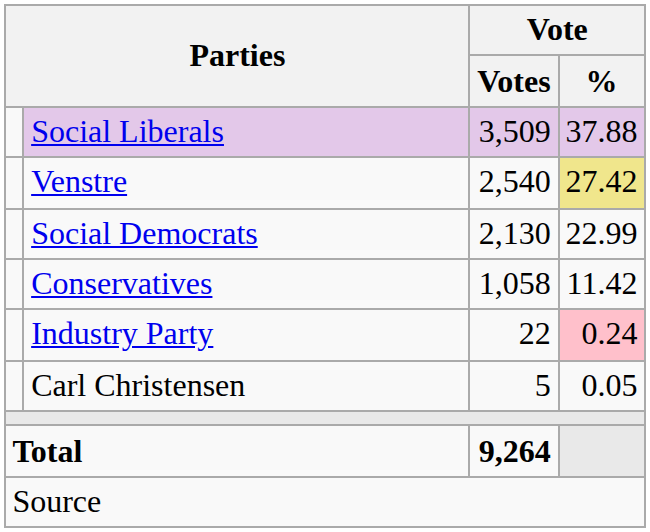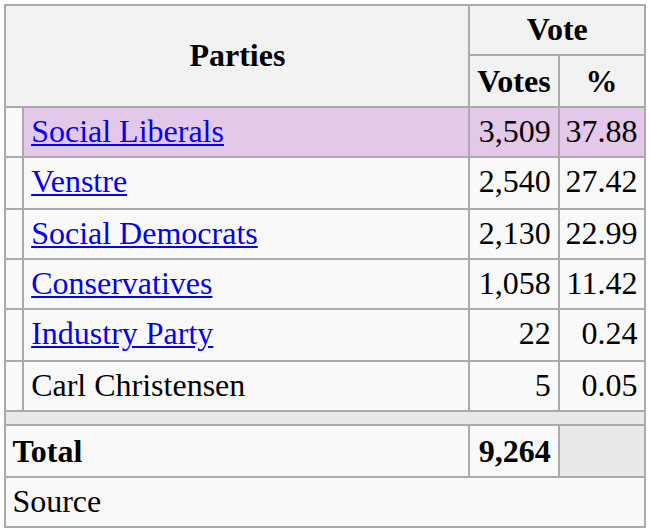 <table class="wikitable" style="text-align:right;">
 <tr>
 <th style="text-align:centre;" rowspan="2" colspan="2" width="225">Parties</th>
 <th colspan="3">Vote</th>
 </tr>
 <tr>
 <th width="15">Votes</th>
 <th width="15">%</th>
 </tr>
 <tr>
 <td width="2" style="color:inherit;background:"></td>
 <td bgcolor=#e3c8e9  align="left"><a href='#'>Social Liberals</a></td>
 <td bgcolor=#e3c8e9>3,509</td>
 <td bgcolor=#e3c8e9>37.88</td>
 </tr>
 <tr>
 <td width="2" style="color:inherit;background:"></td>
 <td align="left"><a href='#'>Venstre</a></td>
 <td>2,540</td>
-<td style="background: khaki;">27.42</td>
+<td>27.42</td>
 </tr>
 <tr>
 <td width="2" style="color:inherit;background:"></td>
 <td align="left"><a href='#'>Social Democrats</a></td>
 <td>2,130</td>
 <td>22.99</td>
 </tr>
 <tr>
 <td width="2" style="color:inherit;background:"></td>
 <td align="left"><a href='#'>Conservatives</a></td>
 <td>1,058</td>
 <td>11.42</td>
 </tr>
 <tr>
 <td width="2" style="color:inherit;background:"></td>
 <td align="left"><a href='#'>Industry Party</a></td>
 <td>22</td>
-<td style="background: pink;">0.24</td>
+<td>0.24</td>
 </tr>
 <tr>
 <td width="2" style="color:inherit;background:"></td>
 <td align="left">Carl Christensen</td>
 <td>5</td>
 <td>0.05</td>
 </tr>
 <tr>
 <td colspan="7" bgcolor="#E9E9E9"></td>
 </tr>
 <tr>
 <td align="left" colspan="2"><strong>Total</strong></td>
 <td><strong>9,264</strong></td>
 <td bgcolor="#E9E9E9" colspan="2"></td>
 </tr>
 <tr>
 </tr>
 <tr>
 <td align="left" colspan="6">Source</td>
 </tr>
 </table>
